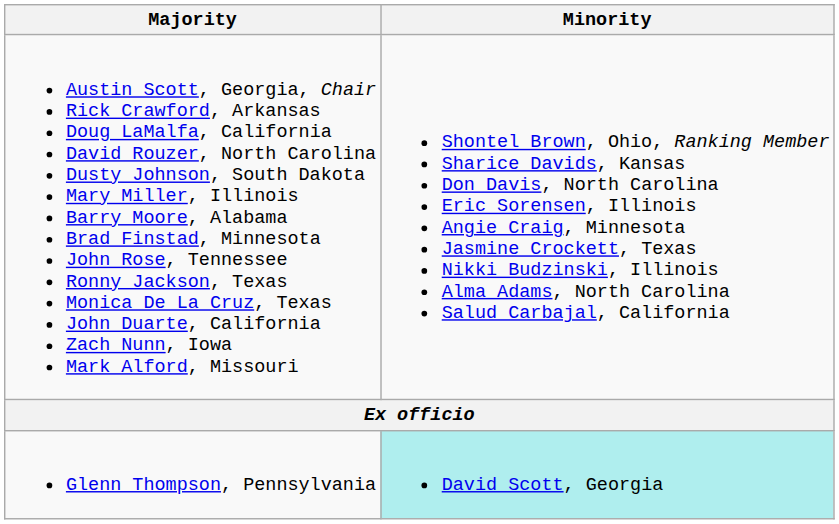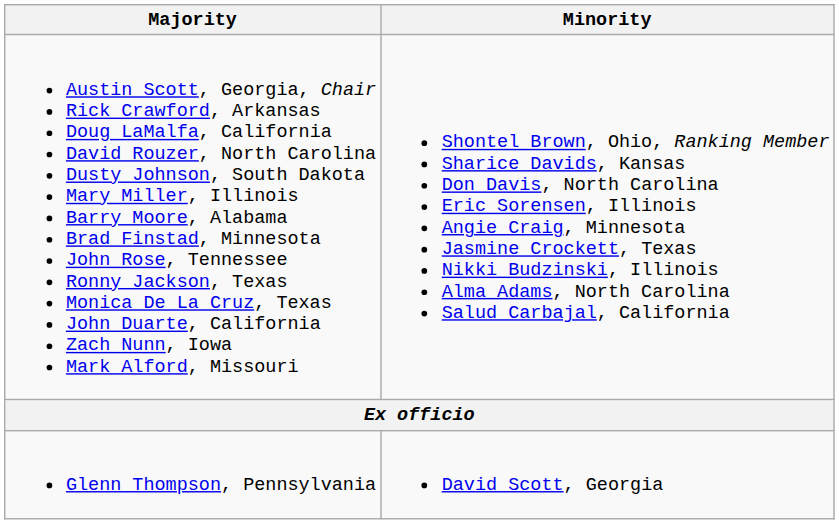 <table class=wikitable>
 <tr>
 <th>Majority</th>
 <th>Minority</th>
 </tr>
 <tr>
 <td><br><ul><li><a href='#'>Austin Scott</a>, Georgia, <em>Chair</em></li><li><a href='#'>Rick Crawford</a>, Arkansas</li><li><a href='#'>Doug LaMalfa</a>, California</li><li><a href='#'>David Rouzer</a>, North Carolina</li><li><a href='#'>Dusty Johnson</a>, South Dakota</li><li><a href='#'>Mary Miller</a>, Illinois</li><li><a href='#'>Barry Moore</a>, Alabama</li><li><a href='#'>Brad Finstad</a>, Minnesota</li><li><a href='#'>John Rose</a>, Tennessee</li><li><a href='#'>Ronny Jackson</a>, Texas</li><li><a href='#'>Monica De La Cruz</a>, Texas</li><li><a href='#'>John Duarte</a>, California</li><li><a href='#'>Zach Nunn</a>, Iowa</li><li><a href='#'>Mark Alford</a>, Missouri</li></ul></td>
 <td><br><ul><li><a href='#'>Shontel Brown</a>, Ohio, <em>Ranking Member</em></li><li><a href='#'>Sharice Davids</a>, Kansas</li><li><a href='#'>Don Davis</a>, North Carolina</li><li><a href='#'>Eric Sorensen</a>, Illinois</li><li><a href='#'>Angie Craig</a>, Minnesota</li><li><a href='#'>Jasmine Crockett</a>, Texas</li><li><a href='#'>Nikki Budzinski</a>, Illinois</li><li><a href='#'>Alma Adams</a>, North Carolina</li><li><a href='#'>Salud Carbajal</a>, California</li></ul></td>
 </tr>
 <tr>
 <th colspan=2><em>Ex officio</em></th>
 </tr>
 <tr>
 <td><br><ul><li><a href='#'>Glenn Thompson</a>, Pennsylvania</li></ul></td>
-<td style="background: paleturquoise;"><br><ul><li><a href='#'>David Scott</a>, Georgia</li></ul></td>
+<td><br><ul><li><a href='#'>David Scott</a>, Georgia</li></ul></td>
 </tr>
 </table>
